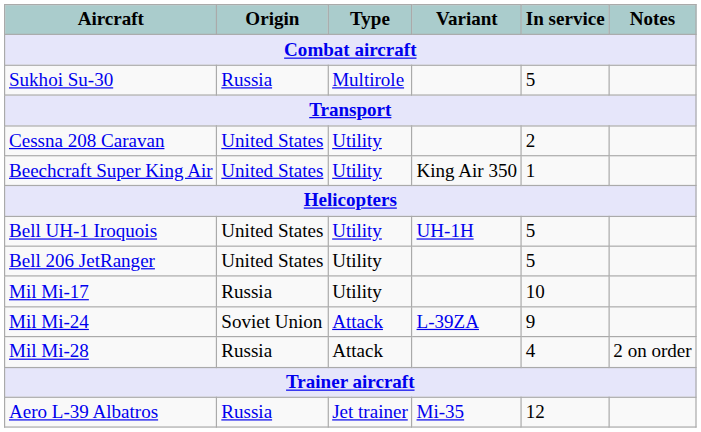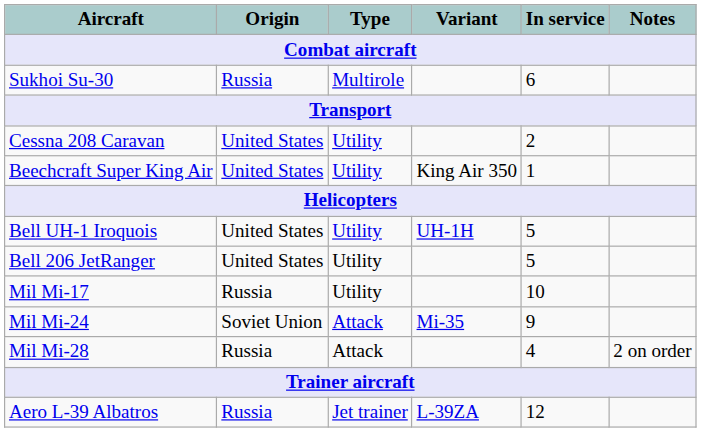 <table class="wikitable">
 <tr>
 <th style="background:#acc;">Aircraft</th>
 <th style="background:#acc;">Origin</th>
 <th style="background:#acc;">Type</th>
 <th style="background:#acc;">Variant</th>
 <th style="background:#acc;">In service</th>
 <th style="background:#acc;">Notes</th>
 </tr>
 <tr>
 <th colspan="7" style="align: center; background: lavender;"><a href='#'>Combat aircraft</a></th>
 </tr>
 <tr>
 <td><a href='#'>Sukhoi Su-30</a></td>
 <td><a href='#'>Russia</a></td>
 <td><a href='#'>Multirole</a></td>
 <td></td>
-<td>5</td>
+<td>6</td>
 <td></td>
 </tr>
 <tr>
 <th style="align: center; background: lavender;" colspan="7"><a href='#'>Transport</a></th>
 </tr>
 <tr>
 <td><a href='#'>Cessna 208 Caravan</a></td>
 <td><a href='#'>United States</a></td>
 <td><a href='#'>Utility</a></td>
 <td></td>
 <td>2</td>
 <td></td>
 </tr>
 <tr>
 <td><a href='#'>Beechcraft Super King Air</a></td>
 <td><a href='#'>United States</a></td>
 <td><a href='#'>Utility</a></td>
 <td>King Air 350</td>
 <td>1</td>
 <td></td>
 </tr>
 <tr>
 <th colspan="7" style="align: center; background: lavender;"><a href='#'>Helicopters</a></th>
 </tr>
 <tr>
 <td><a href='#'>Bell UH-1 Iroquois</a></td>
 <td>United States</td>
 <td><a href='#'>Utility</a></td>
 <td><a href='#'>UH-1H</a></td>
 <td>5</td>
 <td></td>
 </tr>
 <tr>
 <td><a href='#'>Bell 206 JetRanger</a></td>
 <td>United States</td>
 <td>Utility</td>
 <td></td>
 <td>5</td>
 <td></td>
 </tr>
 <tr>
 <td><a href='#'>Mil Mi-17</a></td>
 <td>Russia</td>
 <td>Utility</td>
 <td></td>
 <td>10</td>
 <td></td>
 </tr>
 <tr>
 <td><a href='#'>Mil Mi-24</a></td>
 <td>Soviet Union</td>
 <td><a href='#'>Attack</a></td>
-<td><a href='#'>L-39ZA</a></td>
+<td><a href='#'>Mi-35</a></td>
 <td>9</td>
 <td></td>
 </tr>
 <tr>
 <td><a href='#'>Mil Mi-28</a></td>
 <td>Russia</td>
 <td>Attack</td>
 <td></td>
 <td>4</td>
 <td>2 on order</td>
 </tr>
 <tr>
 <th colspan="7" style="align: center; background: lavender;"><a href='#'>Trainer aircraft</a></th>
 </tr>
 <tr>
 <td><a href='#'>Aero L-39 Albatros</a></td>
 <td><a href='#'>Russia</a></td>
 <td><a href='#'>Jet trainer</a></td>
-<td><a href='#'>Mi-35</a></td>
+<td><a href='#'>L-39ZA</a></td>
 <td>12</td>
 <td></td>
 </tr>
 </table>
